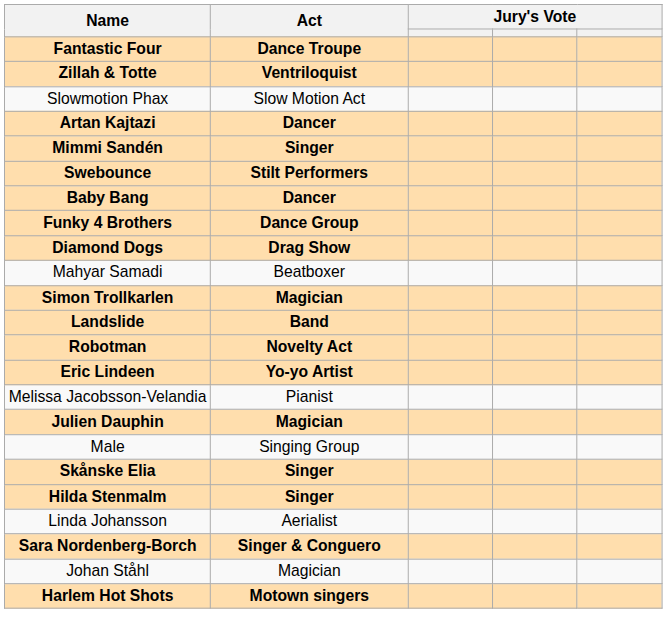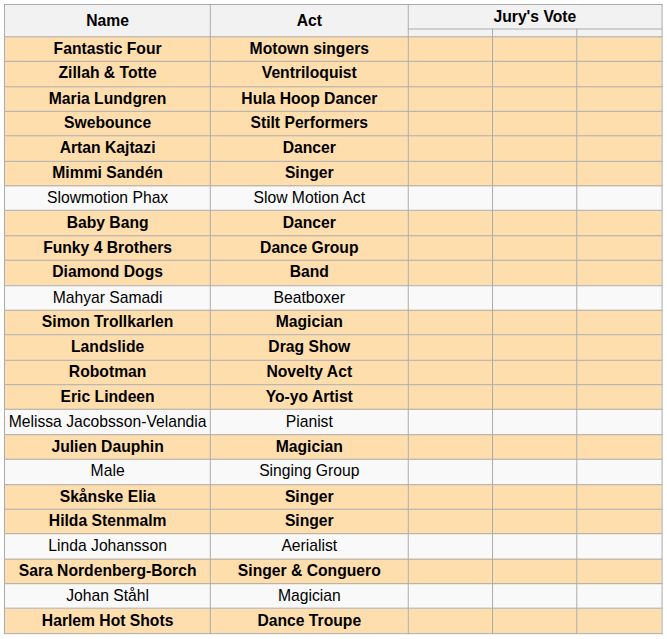 <table class="wikitable plainrowheaders sortable" style="text-align:center" width="76%;">
 <tr>
 <th scope="col" rowspan="2" class="unsortable" style="width:17em;">Name</th>
 <th scope="col" rowspan="2" class="unsortable" style="width:16em;">Act</th>
 <th scope="col" colspan="3" class="unsortable" style="width:24em;">Jury's Vote</th>
 </tr>
 <tr>
 <th scope="col" class="unsortable" style="width:6em;"></th>
 <th scope="col" class="unsortable" style="width:6em;"></th>
 <th scope="col" class="unsortable" style="width:6em;"></th>
 </tr>
 <tr style="background:NavajoWhite">
 <td><strong>Fantastic Four</strong></td>
-<td><strong>Dance Troupe</strong></td>
+<td><strong>Motown singers</strong></td>
 <td style="text-align:center;"></td>
 <td style="text-align:center;"></td>
 <td style="text-align:center;"></td>
 </tr>
 <tr style="background:NavajoWhite">
 <td><strong>Zillah & Totte</strong></td>
 <td><strong>Ventriloquist</strong></td>
 <td style="text-align:center;"></td>
 <td style="text-align:center;"></td>
 <td style="text-align:center;"></td>
 </tr>
-<tr>
-<td>Slowmotion Phax</td>
-<td>Slow Motion Act</td>
+<tr style="background:NavajoWhite">
+<td><strong>Maria Lundgren</strong></td>
+<td><strong>Hula Hoop Dancer</strong></td>
+<td style="text-align:center;"></td>
+<td style="text-align:center;"></td>
+<td style="text-align:center;"></td>
+</tr>
+<tr style="background:NavajoWhite">
+<td><strong>Swebounce</strong></td>
+<td><strong>Stilt Performers</strong></td>
 <td style="text-align:center;"></td>
 <td style="text-align:center;"></td>
 <td style="text-align:center;"></td>
 </tr>
 <tr style="background:NavajoWhite">
 <td><strong>Artan Kajtazi</strong></td>
 <td><strong>Dancer</strong></td>
 <td style="text-align:center;"></td>
 <td style="text-align:center;"></td>
 <td style="text-align:center;"></td>
 </tr>
 <tr style="background:NavajoWhite">
 <td><strong>Mimmi Sandén</strong></td>
 <td><strong>Singer</strong></td>
 <td style="text-align:center;"></td>
 <td style="text-align:center;"></td>
 <td style="text-align:center;"></td>
 </tr>
-<tr style="background:NavajoWhite">
-<td><strong>Swebounce</strong></td>
-<td><strong>Stilt Performers</strong></td>
+<tr>
+<td>Slowmotion Phax</td>
+<td>Slow Motion Act</td>
 <td style="text-align:center;"></td>
 <td style="text-align:center;"></td>
 <td style="text-align:center;"></td>
 </tr>
 <tr style="background:NavajoWhite">
 <td><strong>Baby Bang</strong></td>
 <td><strong>Dancer</strong></td>
 <td style="text-align:center;"></td>
 <td style="text-align:center;"></td>
 <td style="text-align:center;"></td>
 </tr>
 <tr style="background:NavajoWhite">
 <td><strong>Funky 4 Brothers</strong></td>
 <td><strong>Dance Group</strong></td>
 <td style="text-align:center;"></td>
 <td style="text-align:center;"></td>
 <td style="text-align:center;"></td>
 </tr>
 <tr style="background:NavajoWhite">
 <td><strong>Diamond Dogs</strong></td>
-<td><strong>Drag Show</strong></td>
+<td><strong>Band</strong></td>
 <td style="text-align:center;"></td>
 <td style="text-align:center;"></td>
 <td style="text-align:center;"></td>
 </tr>
 <tr>
 <td>Mahyar Samadi</td>
 <td>Beatboxer</td>
 <td style="text-align:center;"></td>
 <td style="text-align:center;"></td>
 <td style="text-align:center;"></td>
 </tr>
 <tr style="background:NavajoWhite">
 <td><strong>Simon Trollkarlen</strong></td>
 <td><strong>Magician</strong></td>
 <td style="text-align:center;"></td>
 <td style="text-align:center;"></td>
 <td style="text-align:center;"></td>
 </tr>
 <tr style="background:NavajoWhite">
 <td><strong>Landslide</strong></td>
-<td><strong>Band</strong></td>
+<td><strong>Drag Show</strong></td>
 <td style="text-align:center;"></td>
 <td style="text-align:center;"></td>
 <td style="text-align:center;"></td>
 </tr>
 <tr style="background:NavajoWhite">
 <td><strong>Robotman</strong></td>
 <td><strong>Novelty Act</strong></td>
 <td style="text-align:center;"></td>
 <td style="text-align:center;"></td>
 <td style="text-align:center;"></td>
 </tr>
 <tr style="background:NavajoWhite">
 <td><strong>Eric Lindeen</strong></td>
 <td><strong>Yo-yo Artist</strong></td>
 <td style="text-align:center;"></td>
 <td style="text-align:center;"></td>
 <td style="text-align:center;"></td>
 </tr>
 <tr>
 <td>Melissa Jacobsson-Velandia</td>
 <td>Pianist</td>
 <td style="text-align:center;"></td>
 <td style="text-align:center;"></td>
 <td style="text-align:center;"></td>
 </tr>
 <tr style="background:NavajoWhite">
 <td><strong>Julien Dauphin</strong></td>
 <td><strong>Magician</strong></td>
 <td style="text-align:center;"></td>
 <td style="text-align:center;"></td>
 <td style="text-align:center;"></td>
 </tr>
 <tr>
 <td>Male</td>
 <td>Singing Group</td>
 <td style="text-align:center;"></td>
 <td style="text-align:center;"></td>
 <td style="text-align:center;"></td>
 </tr>
 <tr style="background:NavajoWhite">
 <td><strong>Skånske Elia</strong></td>
 <td><strong>Singer</strong></td>
 <td style="text-align:center;"></td>
 <td style="text-align:center;"></td>
 <td style="text-align:center;"></td>
 </tr>
 <tr style="background:NavajoWhite">
 <td><strong>Hilda Stenmalm</strong></td>
 <td><strong>Singer</strong></td>
 <td style="text-align:center;"></td>
 <td style="text-align:center;"></td>
 <td style="text-align:center;"></td>
 </tr>
 <tr>
 <td>Linda Johansson</td>
 <td>Aerialist</td>
 <td style="text-align:center;"></td>
 <td style="text-align:center;"></td>
 <td style="text-align:center;"></td>
 </tr>
 <tr style="background:NavajoWhite">
 <td><strong>Sara Nordenberg-Borch</strong></td>
 <td><strong>Singer & Conguero</strong></td>
 <td style="text-align:center;"></td>
 <td style="text-align:center;"></td>
 <td style="text-align:center;"></td>
 </tr>
 <tr>
 <td>Johan Ståhl</td>
 <td>Magician</td>
 <td style="text-align:center;"></td>
 <td style="text-align:center;"></td>
 <td style="text-align:center;"></td>
 </tr>
 <tr style="background:NavajoWhite">
 <td><strong>Harlem Hot Shots</strong></td>
-<td><strong>Motown singers</strong></td>
+<td><strong>Dance Troupe</strong></td>
 <td style="text-align:center;"></td>
 <td style="text-align:center;"></td>
 <td style="text-align:center;"></td>
 </tr>
 </table>
